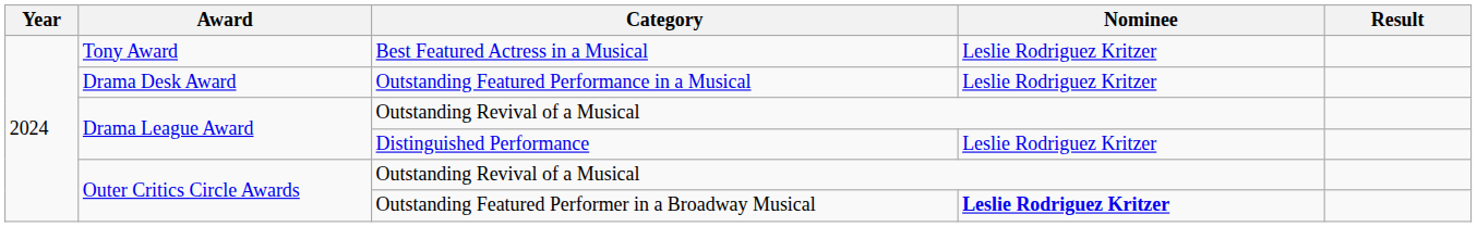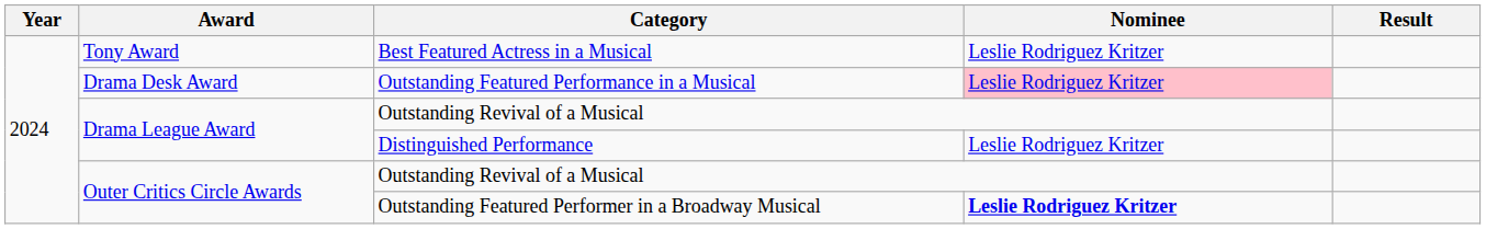 <table class="wikitable" width="95%">
 <tr>
 <th width="5%">Year</th>
 <th width="20%">Award</th>
 <th width="40%">Category</th>
 <th width="25%">Nominee</th>
 <th width="10%">Result</th>
 </tr>
 <tr>
 <td rowspan=6>2024</td>
 <td><a href='#'>Tony Award</a></td>
 <td><a href='#'>Best Featured Actress in a Musical</a></td>
 <td><a href='#'>Leslie Rodriguez Kritzer</a></td>
 <td></td>
 </tr>
 <tr>
 <td><a href='#'>Drama Desk Award</a></td>
 <td><a href='#'>Outstanding Featured Performance in a Musical</a></td>
-<td><a href='#'>Leslie Rodriguez Kritzer</a></td>
+<td style="background: pink;"><a href='#'>Leslie Rodriguez Kritzer</a></td>
 <td></td>
 </tr>
 <tr>
 <td rowspan=2><a href='#'>Drama League Award</a></td>
 <td colspan="2">Outstanding Revival of a Musical</td>
 <td></td>
 </tr>
 <tr>
 <td><a href='#'>Distinguished Performance</a></td>
 <td><a href='#'>Leslie Rodriguez Kritzer</a></td>
 <td></td>
 </tr>
 <tr>
 <td rowspan=2><a href='#'>Outer Critics Circle Awards</a></td>
 <td colspan="2">Outstanding Revival of a Musical</td>
 <td></td>
 </tr>
 <tr>
 <td>Outstanding Featured Performer in a Broadway Musical</td>
 <td><strong><a href='#'>Leslie Rodriguez Kritzer</a></strong></td>
 <td></td>
 </tr>
 </table>
